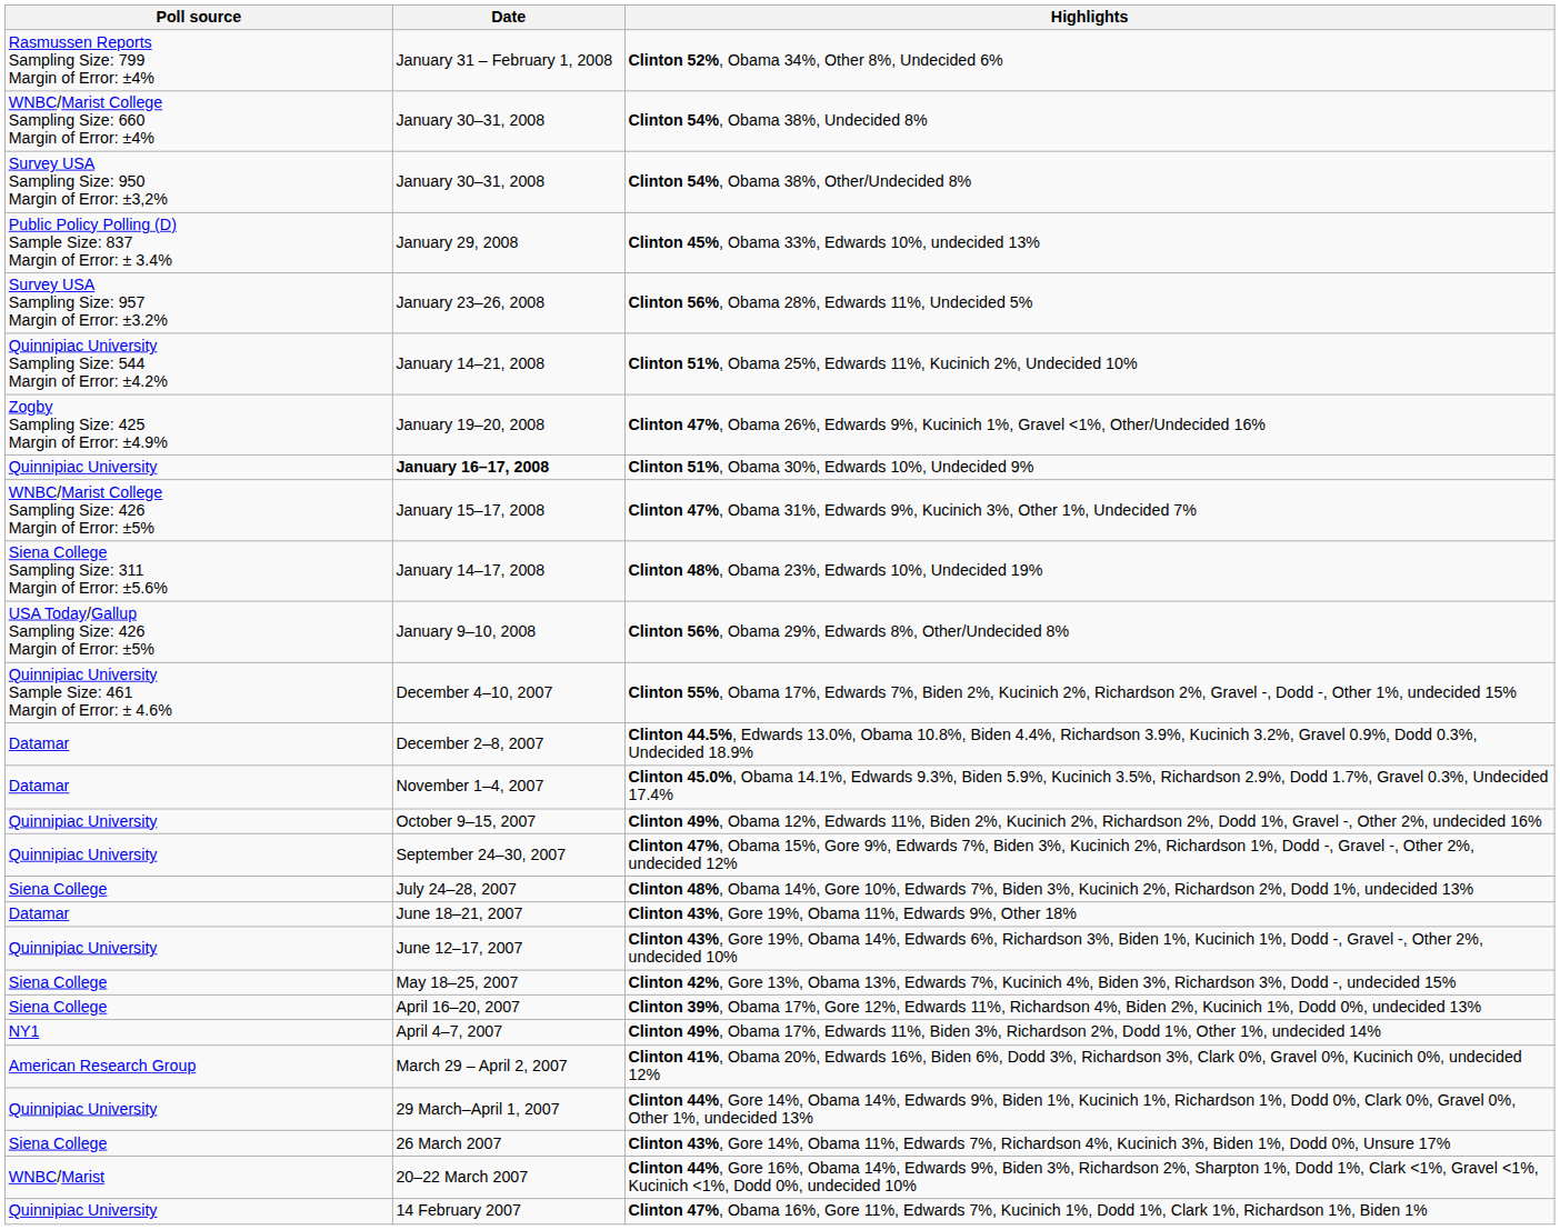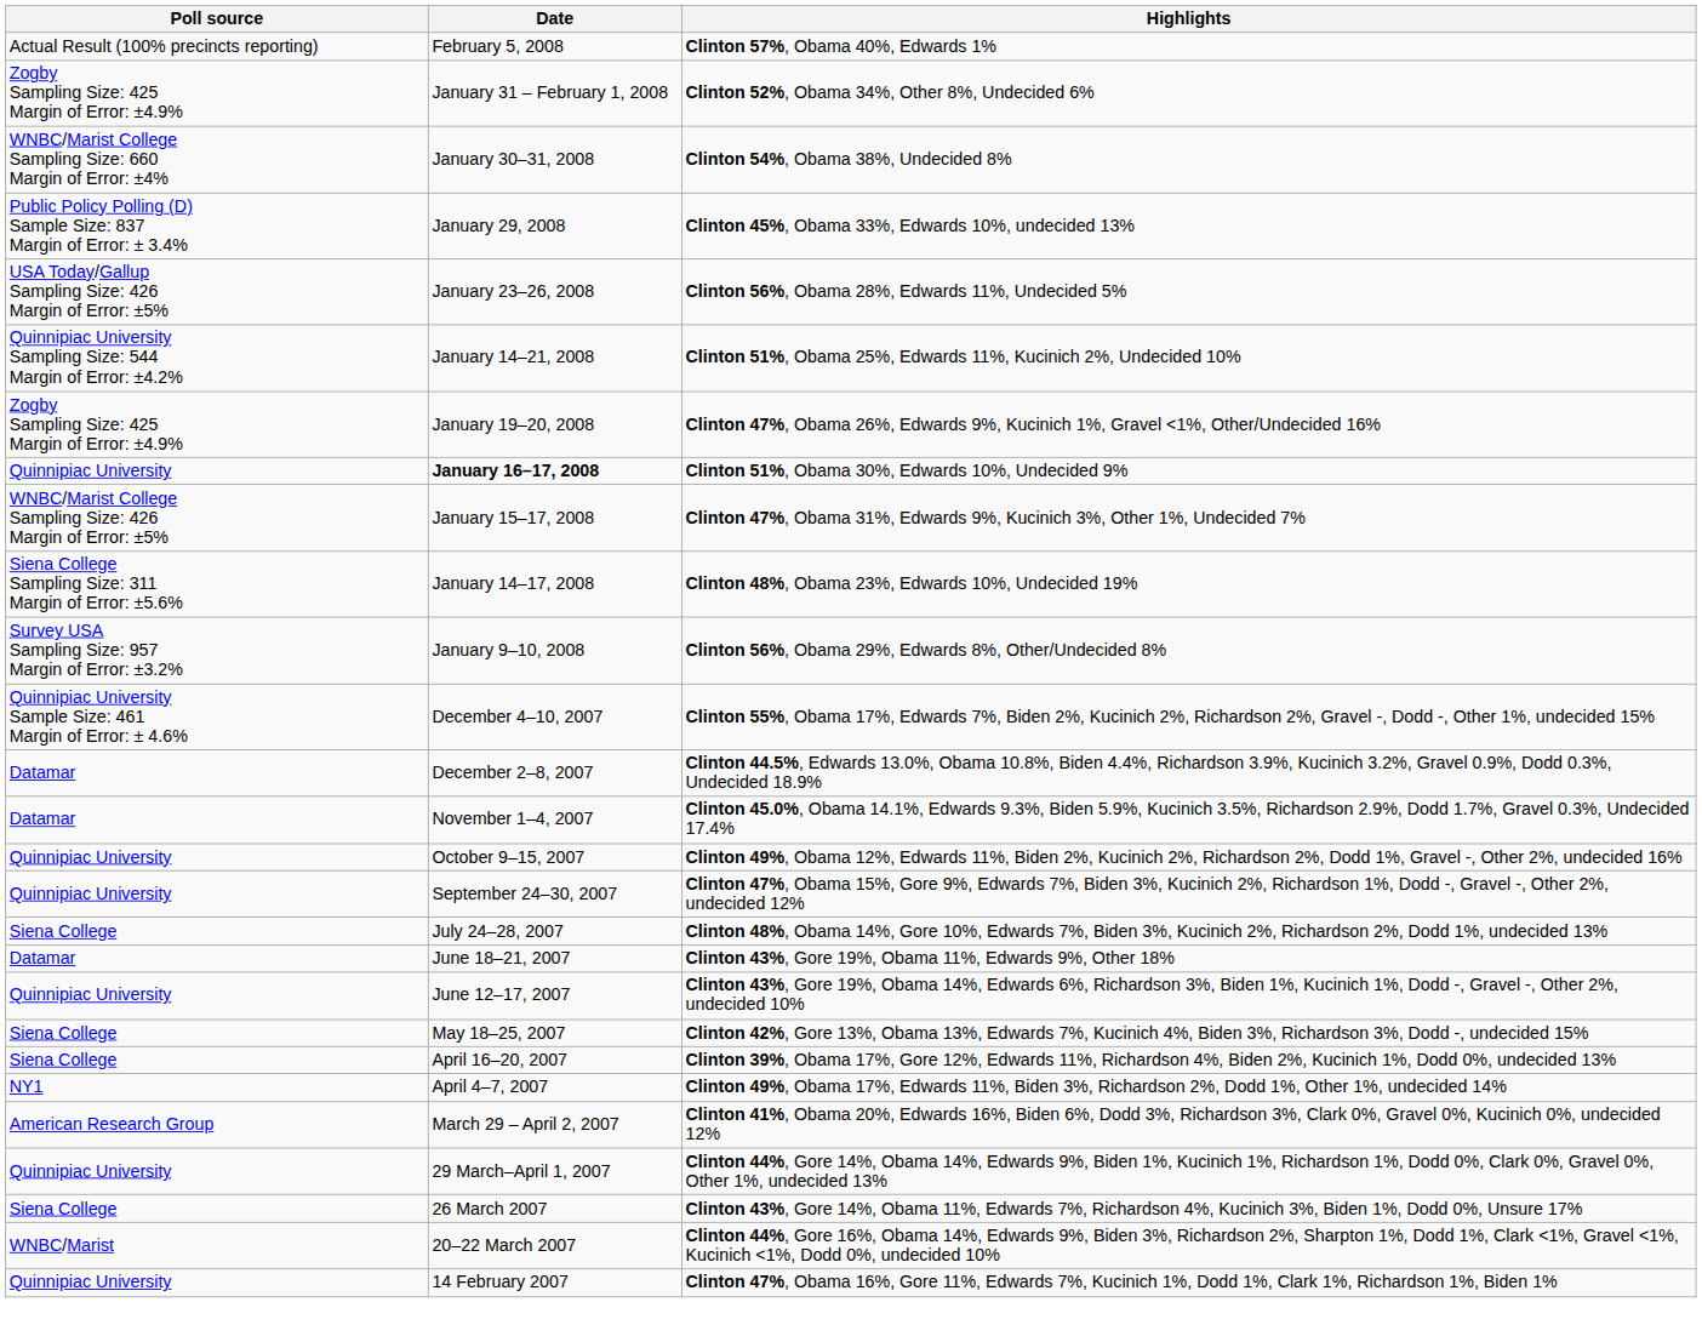 <table class="wikitable sortable">
 <tr>
 <th width="25%">Poll source</th>
 <th width="15%">Date</th>
 <th width="60%">Highlights</th>
 </tr>
 <tr>
-<td><a href='#'>Rasmussen Reports</a><br>Sampling Size: 799<br> Margin of Error: ±4%</td>
+<td>Actual Result (100% precincts reporting)</td>
+<td>February 5, 2008</td>
+<td><strong>Clinton 57%</strong>, Obama 40%, Edwards 1%</td>
+</tr>
+<tr>
+<td><a href='#'>Zogby</a><br>Sampling Size: 425<br> Margin of Error: ±4.9%</td>
 <td>January 31 – February 1, 2008</td>
 <td><strong>Clinton 52%</strong>, Obama 34%, Other 8%, Undecided 6%</td>
 </tr>
 <tr>
 <td><a href='#'>WNBC</a>/<a href='#'>Marist College</a><br>Sampling Size: 660<br> Margin of Error: ±4%</td>
 <td>January 30–31, 2008</td>
 <td><strong>Clinton 54%</strong>, Obama 38%, Undecided 8%</td>
 </tr>
 <tr>
-<td><a href='#'>Survey USA</a><br>Sampling Size: 950<br> Margin of Error: ±3,2%</td>
-<td>January 30–31, 2008</td>
-<td><strong>Clinton 54%</strong>, Obama 38%, Other/Undecided 8%</td>
-</tr>
-<tr>
 <td><a href='#'>Public Policy Polling (D)</a><br>Sample Size: 837<br> Margin of Error: ± 3.4%</td>
 <td>January 29, 2008</td>
 <td><strong>Clinton 45%</strong>, Obama 33%, Edwards 10%, undecided 13%</td>
 </tr>
 <tr>
-<td><a href='#'>Survey USA</a><br>Sampling Size: 957<br> Margin of Error: ±3.2%</td>
+<td><a href='#'>USA Today</a>/<a href='#'>Gallup</a><br>Sampling Size: 426<br> Margin of Error: ±5%</td>
 <td>January 23–26, 2008</td>
 <td><strong>Clinton 56%</strong>, Obama 28%, Edwards 11%, Undecided 5%</td>
 </tr>
 <tr>
 <td><a href='#'>Quinnipiac University</a><br>Sampling Size: 544<br> Margin of Error: ±4.2%</td>
 <td>January 14–21, 2008</td>
 <td><strong>Clinton 51%</strong>, Obama 25%, Edwards 11%, Kucinich 2%, Undecided 10%</td>
 </tr>
 <tr>
 <td><a href='#'>Zogby</a><br>Sampling Size: 425<br> Margin of Error: ±4.9%</td>
 <td>January 19–20, 2008</td>
 <td><strong>Clinton 47%</strong>, Obama 26%, Edwards 9%, Kucinich 1%, Gravel <1%, Other/Undecided 16%</td>
 </tr>
 <tr>
 <td><a href='#'>Quinnipiac University</a></td>
 <td><strong>January 16–17, 2008</strong></td>
 <td><strong>Clinton 51%</strong>, Obama 30%, Edwards 10%, Undecided 9%</td>
 </tr>
 <tr>
 <td><a href='#'>WNBC</a>/<a href='#'>Marist College</a><br>Sampling Size: 426<br> Margin of Error: ±5%</td>
 <td>January 15–17, 2008</td>
 <td><strong>Clinton 47%</strong>, Obama 31%, Edwards 9%, Kucinich 3%, Other 1%, Undecided 7%</td>
 </tr>
 <tr>
 <td><a href='#'>Siena College</a><br>Sampling Size: 311<br> Margin of Error: ±5.6%</td>
 <td>January 14–17, 2008</td>
 <td><strong>Clinton 48%</strong>, Obama 23%, Edwards 10%, Undecided 19%</td>
 </tr>
 <tr>
-<td><a href='#'>USA Today</a>/<a href='#'>Gallup</a><br>Sampling Size: 426<br> Margin of Error: ±5%</td>
+<td><a href='#'>Survey USA</a><br>Sampling Size: 957<br> Margin of Error: ±3.2%</td>
 <td>January 9–10, 2008</td>
 <td><strong>Clinton 56%</strong>, Obama 29%, Edwards 8%, Other/Undecided 8%</td>
 </tr>
 <tr>
 <td><a href='#'>Quinnipiac University</a><br>Sample Size: 461<br> Margin of Error: ± 4.6%</td>
 <td>December 4–10, 2007</td>
 <td><strong>Clinton 55%</strong>, Obama 17%, Edwards 7%, Biden 2%, Kucinich 2%, Richardson 2%, Gravel -, Dodd -, Other 1%, undecided 15%</td>
 </tr>
 <tr>
 <td><a href='#'>Datamar</a></td>
 <td>December 2–8, 2007</td>
 <td><strong>Clinton 44.5%</strong>, Edwards 13.0%, Obama 10.8%, Biden 4.4%, Richardson 3.9%, Kucinich 3.2%, Gravel 0.9%, Dodd 0.3%, Undecided 18.9%</td>
 </tr>
 <tr>
 <td><a href='#'>Datamar</a></td>
 <td>November 1–4, 2007</td>
 <td><strong>Clinton 45.0%</strong>, Obama 14.1%, Edwards 9.3%, Biden 5.9%, Kucinich 3.5%, Richardson 2.9%, Dodd 1.7%, Gravel 0.3%, Undecided 17.4%</td>
 </tr>
 <tr>
 <td><a href='#'>Quinnipiac University</a></td>
 <td>October 9–15, 2007</td>
 <td><strong>Clinton 49%</strong>, Obama 12%, Edwards 11%, Biden 2%, Kucinich 2%, Richardson 2%, Dodd 1%, Gravel -, Other 2%, undecided 16%</td>
 </tr>
 <tr>
 <td><a href='#'>Quinnipiac University</a></td>
 <td>September 24–30, 2007</td>
 <td><strong>Clinton 47%</strong>, Obama 15%, Gore 9%, Edwards 7%, Biden 3%, Kucinich 2%, Richardson 1%, Dodd -, Gravel -, Other 2%, undecided 12%</td>
 </tr>
 <tr>
 <td><a href='#'>Siena College</a></td>
 <td>July 24–28, 2007</td>
 <td><strong>Clinton 48%</strong>, Obama 14%, Gore 10%, Edwards 7%, Biden 3%, Kucinich 2%, Richardson 2%, Dodd 1%, undecided 13%</td>
 </tr>
 <tr>
 <td><a href='#'>Datamar</a></td>
 <td>June 18–21, 2007</td>
 <td><strong>Clinton 43%</strong>, Gore 19%, Obama 11%, Edwards 9%, Other 18%</td>
 </tr>
 <tr>
 <td><a href='#'>Quinnipiac University</a></td>
 <td>June 12–17, 2007</td>
 <td><strong>Clinton 43%</strong>, Gore 19%, Obama 14%, Edwards 6%, Richardson 3%, Biden 1%, Kucinich 1%, Dodd -, Gravel -, Other 2%, undecided 10%</td>
 </tr>
 <tr>
 <td><a href='#'>Siena College</a></td>
 <td>May 18–25, 2007</td>
 <td><strong>Clinton 42%</strong>, Gore 13%, Obama 13%, Edwards 7%, Kucinich 4%, Biden 3%, Richardson 3%, Dodd -, undecided 15%</td>
 </tr>
 <tr>
 <td><a href='#'>Siena College</a></td>
 <td>April 16–20, 2007</td>
 <td><strong>Clinton 39%</strong>, Obama 17%, Gore 12%, Edwards 11%, Richardson 4%, Biden 2%, Kucinich 1%, Dodd 0%, undecided 13%</td>
 </tr>
 <tr>
 <td><a href='#'>NY1</a></td>
 <td>April 4–7, 2007</td>
 <td><strong>Clinton 49%</strong>, Obama 17%, Edwards 11%, Biden 3%, Richardson 2%, Dodd 1%,  Other 1%, undecided 14%</td>
 </tr>
 <tr>
 <td><a href='#'>American Research Group</a></td>
 <td>March 29 – April 2, 2007</td>
 <td><strong>Clinton 41%</strong>, Obama 20%, Edwards 16%, Biden 6%, Dodd 3%, Richardson 3%, Clark 0%, Gravel 0%, Kucinich 0%, undecided 12%</td>
 </tr>
 <tr>
 <td><a href='#'>Quinnipiac University</a></td>
 <td>29 March–April 1, 2007</td>
 <td><strong>Clinton 44%</strong>, Gore 14%, Obama 14%, Edwards 9%, Biden 1%, Kucinich 1%, Richardson 1%, Dodd 0%, Clark 0%, Gravel 0%, Other 1%, undecided 13%</td>
 </tr>
 <tr>
 <td><a href='#'>Siena College</a></td>
 <td>26 March 2007</td>
 <td><strong>Clinton 43%</strong>, Gore 14%, Obama 11%, Edwards 7%, Richardson 4%, Kucinich 3%, Biden 1%, Dodd 0%, Unsure 17%</td>
 </tr>
 <tr>
 <td><a href='#'>WNBC</a>/<a href='#'>Marist</a></td>
 <td>20–22 March 2007</td>
 <td><strong>Clinton 44%</strong>, Gore 16%, Obama 14%, Edwards 9%, Biden 3%, Richardson 2%, Sharpton 1%, Dodd 1%, Clark <1%, Gravel <1%, Kucinich <1%, Dodd 0%, undecided 10%</td>
 </tr>
 <tr>
 <td><a href='#'>Quinnipiac University</a></td>
 <td>14 February 2007</td>
 <td><strong>Clinton 47%</strong>, Obama 16%, Gore 11%, Edwards 7%, Kucinich 1%, Dodd 1%, Clark 1%, Richardson 1%, Biden 1%</td>
 </tr>
 </table>
